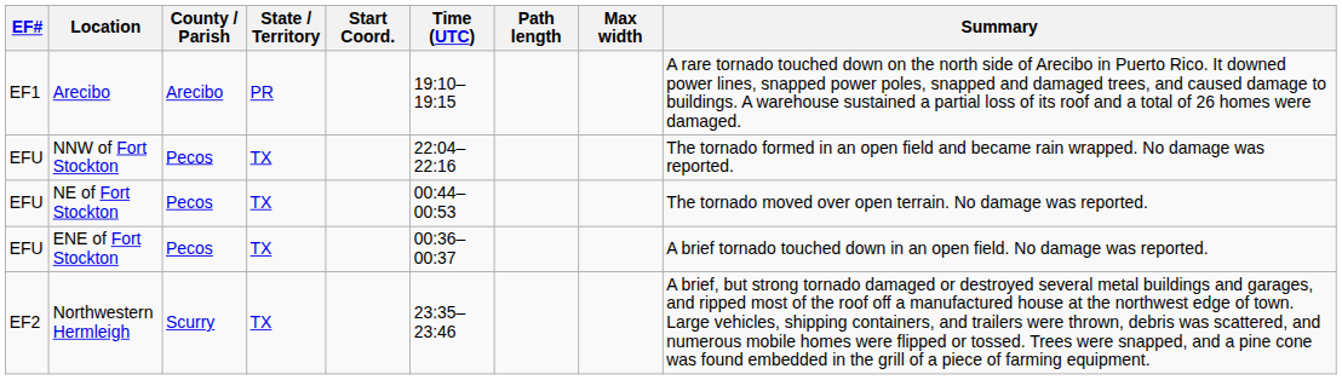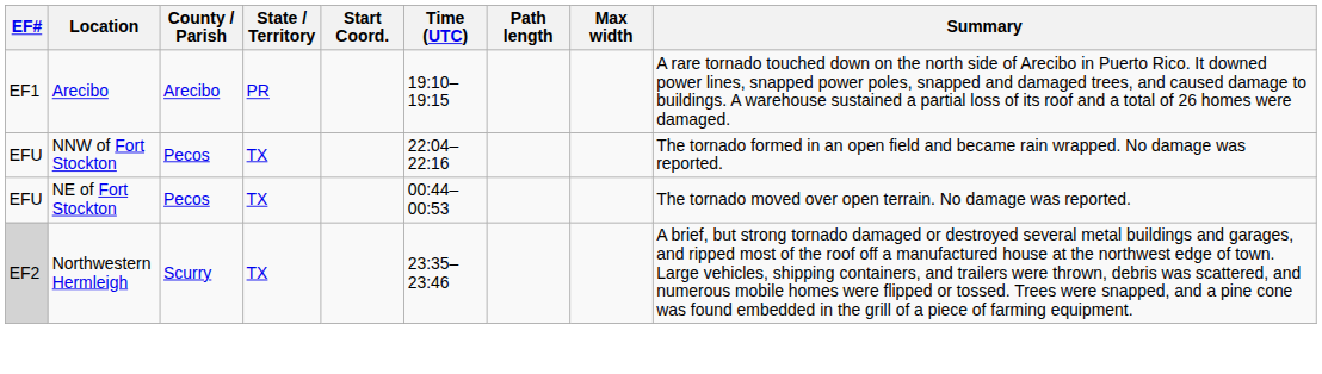 <table class="wikitable sortable" style="width:100%;">
 <tr>
 <th scope="col"  style="width:3%; text-align:center;"><a href='#'>EF#</a></th>
 <th scope="col"  style="width:7%; text-align:center;" class="unsortable">Location</th>
 <th scope="col"  style="width:6%; text-align:center;" class="unsortable">County / Parish</th>
 <th scope="col"  style="width:5%; text-align:center;">State / Territory</th>
 <th scope="col"  style="width:6%; text-align:center;">Start Coord.</th>
 <th scope="col"  style="width:6%; text-align:center;">Time (<a href='#'>UTC</a>)</th>
 <th scope="col"  style="width:6%; text-align:center;">Path length</th>
 <th scope="col"  style="width:6%; text-align:center;">Max width</th>
 <th scope="col" class="unsortable" style="width:48%; text-align:center;">Summary</th>
 </tr>
 <tr>
 <td>EF1</td>
 <td><a href='#'>Arecibo</a></td>
 <td><a href='#'>Arecibo</a></td>
 <td><a href='#'>PR</a></td>
 <td></td>
 <td>19:10–19:15</td>
 <td></td>
 <td></td>
 <td>A rare tornado touched down on the north side of Arecibo in Puerto Rico. It downed power lines, snapped power poles, snapped and damaged trees, and caused damage to buildings. A warehouse sustained a partial loss of its roof and a total of 26 homes were damaged.</td>
 </tr>
 <tr>
 <td>EFU</td>
 <td>NNW of <a href='#'>Fort Stockton</a></td>
 <td><a href='#'>Pecos</a></td>
 <td><a href='#'>TX</a></td>
 <td></td>
 <td>22:04–22:16</td>
 <td></td>
 <td></td>
 <td>The tornado formed in an open field and became rain wrapped. No damage was reported.</td>
 </tr>
 <tr>
 <td>EFU</td>
 <td>NE of <a href='#'>Fort Stockton</a></td>
 <td><a href='#'>Pecos</a></td>
 <td><a href='#'>TX</a></td>
 <td></td>
 <td>00:44–00:53</td>
 <td></td>
 <td></td>
 <td>The tornado moved over open terrain. No damage was reported.</td>
 </tr>
 <tr>
-<td>EFU</td>
-<td>ENE of <a href='#'>Fort Stockton</a></td>
-<td><a href='#'>Pecos</a></td>
-<td><a href='#'>TX</a></td>
-<td></td>
-<td>00:36–00:37</td>
-<td></td>
-<td></td>
-<td>A brief tornado touched down in an open field. No damage was reported.</td>
-</tr>
-<tr>
-<td>EF2</td>
+<td style="background: lightgrey;">EF2</td>
 <td>Northwestern <a href='#'>Hermleigh</a></td>
 <td><a href='#'>Scurry</a></td>
 <td><a href='#'>TX</a></td>
 <td></td>
 <td>23:35–23:46</td>
 <td></td>
 <td></td>
 <td>A brief, but strong tornado damaged or destroyed several metal buildings and garages, and ripped most of the roof off a manufactured house at the northwest edge of town. Large vehicles, shipping containers, and trailers were thrown, debris was scattered, and numerous mobile homes were flipped or tossed. Trees were snapped, and a pine cone was found embedded in the grill of a piece of farming equipment.</td>
 </tr>
 </table>
